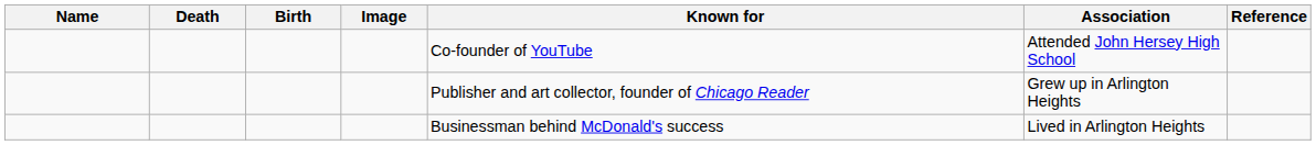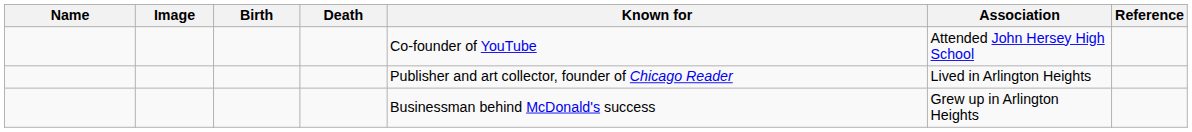 <table class="wikitable sortable">
 <tr>
 <th scope="col" width="140">Name</th>
+<th scope="col" width="80" class="unsortable">Image</th>
+<th scope="col" width="90">Birth</th>
 <th scope="col" width="90">Death</th>
-<th scope="col" width="90">Birth</th>
-<th scope="col" width="80" class="unsortable">Image</th>
 <th scope="col" width="600" class="unsortable">Known for</th>
 <th scope="col" width="200" class="unsortable">Association</th>
 <th scope="col" width="30" class="unsortable">Reference</th>
 </tr>
 <tr>
 <td></td>
 <td></td>
 <td align=right></td>
 <td></td>
 <td>Co-founder of <a href='#'>YouTube</a></td>
 <td>Attended <a href='#'>John Hersey High School</a></td>
 <td align="center"></td>
 </tr>
 <tr>
 <td></td>
+<td></td>
 <td align=right></td>
 <td align=right></td>
-<td></td>
 <td>Publisher and art collector, founder of <em><a href='#'>Chicago Reader</a> </em></td>
-<td>Grew up in Arlington Heights</td>
+<td>Lived in Arlington Heights</td>
 <td align="center"></td>
 </tr>
 <tr>
 <td></td>
 <td></td>
 <td align=right></td>
 <td></td>
 <td>Businessman behind <a href='#'>McDonald's</a> success</td>
-<td>Lived in Arlington Heights</td>
+<td>Grew up in Arlington Heights</td>
 <td align="center"></td>
 </tr>
 </table>
